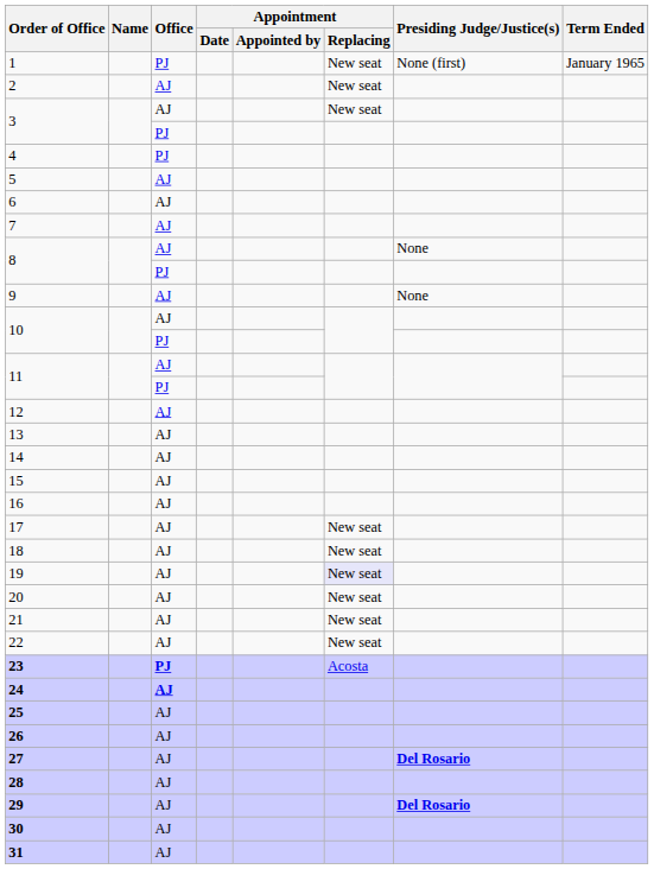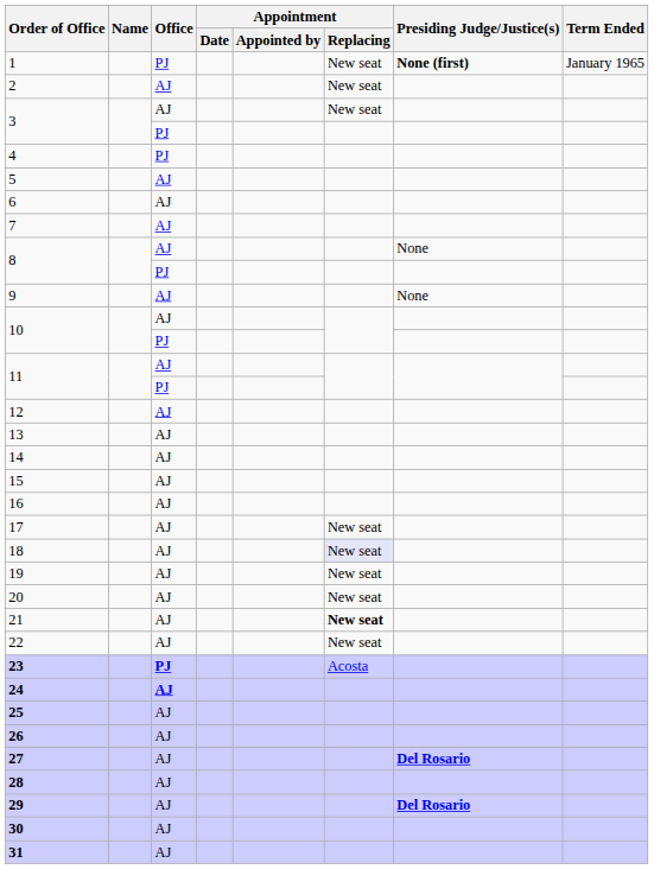 <table class="wikitable sortable">
 <tr>
 <th rowspan="2">Order of Office</th>
 <th rowspan="2">Name</th>
 <th rowspan="2">Office</th>
 <th colspan="3">Appointment</th>
 <th rowspan="2">Presiding Judge/Justice(s)</th>
 <th rowspan="2">Term Ended</th>
 </tr>
 <tr>
 <th>Date</th>
 <th>Appointed by</th>
 <th>Replacing</th>
 </tr>
 <tr>
 <td>1</td>
 <td></td>
 <td><a href='#'>PJ</a></td>
 <td></td>
 <td></td>
 <td>New seat</td>
-<td>None (first)</td>
+<td><strong>None (first)</strong></td>
 <td>January 1965</td>
 </tr>
 <tr>
 <td>2</td>
 <td></td>
 <td><a href='#'>AJ</a></td>
 <td></td>
 <td></td>
 <td>New seat</td>
 <td></td>
 <td></td>
 </tr>
 <tr>
 <td rowspan="2">3</td>
 <td rowspan="2"></td>
 <td>AJ</td>
 <td></td>
 <td></td>
 <td>New seat</td>
 <td></td>
 <td></td>
 </tr>
 <tr>
 <td><a href='#'>PJ</a></td>
 <td></td>
 <td></td>
 <td></td>
 <td></td>
 <td></td>
 </tr>
 <tr>
 <td>4</td>
 <td></td>
 <td><a href='#'>PJ</a></td>
 <td></td>
 <td></td>
 <td></td>
 <td></td>
 <td></td>
 </tr>
 <tr>
 <td>5</td>
 <td></td>
 <td><a href='#'>AJ</a></td>
 <td></td>
 <td></td>
 <td></td>
 <td></td>
 <td></td>
 </tr>
 <tr>
 <td>6</td>
 <td></td>
 <td>AJ</td>
 <td></td>
 <td></td>
 <td></td>
 <td></td>
 <td></td>
 </tr>
 <tr>
 <td>7</td>
 <td></td>
 <td><a href='#'>AJ</a></td>
 <td></td>
 <td></td>
 <td></td>
 <td></td>
 <td></td>
 </tr>
 <tr>
 <td rowspan="2">8</td>
 <td rowspan="2"></td>
 <td><a href='#'>AJ</a></td>
 <td></td>
 <td></td>
 <td></td>
 <td>None</td>
 <td></td>
 </tr>
 <tr>
 <td><a href='#'>PJ</a></td>
 <td></td>
 <td></td>
 <td></td>
 <td></td>
 <td></td>
 </tr>
 <tr>
 <td>9</td>
 <td></td>
 <td><a href='#'>AJ</a></td>
 <td></td>
 <td></td>
 <td></td>
 <td>None</td>
 <td></td>
 </tr>
 <tr>
 <td rowspan="2">10</td>
 <td rowspan="2"></td>
 <td>AJ</td>
 <td></td>
 <td></td>
 <td rowspan="2"></td>
 <td></td>
 <td></td>
 </tr>
 <tr>
 <td><a href='#'>PJ</a></td>
 <td></td>
 <td></td>
 <td></td>
 <td></td>
 </tr>
 <tr>
 <td rowspan="2">11</td>
 <td rowspan="2"></td>
 <td><a href='#'>AJ</a></td>
 <td></td>
 <td></td>
 <td rowspan="2"></td>
 <td rowspan="2"></td>
 <td></td>
 </tr>
 <tr>
 <td><a href='#'>PJ</a></td>
 <td></td>
 <td></td>
 <td></td>
 </tr>
 <tr>
 <td>12</td>
 <td></td>
 <td><a href='#'>AJ</a></td>
 <td></td>
 <td></td>
 <td></td>
 <td></td>
 <td></td>
 </tr>
 <tr>
 <td>13</td>
 <td></td>
 <td>AJ</td>
 <td></td>
 <td></td>
 <td></td>
 <td></td>
 <td></td>
 </tr>
 <tr>
 <td>14</td>
 <td></td>
 <td>AJ</td>
 <td></td>
 <td></td>
 <td></td>
 <td></td>
 <td></td>
 </tr>
 <tr>
 <td>15</td>
 <td></td>
 <td>AJ</td>
 <td></td>
 <td></td>
 <td></td>
 <td></td>
 <td></td>
 </tr>
 <tr>
 <td>16</td>
 <td></td>
 <td>AJ</td>
 <td></td>
 <td></td>
 <td></td>
 <td></td>
 <td></td>
 </tr>
 <tr>
 <td>17</td>
 <td></td>
 <td>AJ</td>
 <td></td>
 <td></td>
 <td>New seat</td>
 <td></td>
 <td></td>
 </tr>
 <tr>
 <td>18</td>
 <td></td>
 <td>AJ</td>
 <td></td>
 <td></td>
-<td>New seat</td>
+<td style="background: lavender;">New seat</td>
 <td></td>
 <td></td>
 </tr>
 <tr>
 <td>19</td>
 <td></td>
 <td>AJ</td>
 <td></td>
 <td></td>
-<td style="background: lavender;">New seat</td>
+<td>New seat</td>
 <td></td>
 <td></td>
 </tr>
 <tr>
 <td>20</td>
 <td></td>
 <td>AJ</td>
 <td></td>
 <td></td>
 <td>New seat</td>
 <td></td>
 <td></td>
 </tr>
 <tr>
 <td>21</td>
 <td></td>
 <td>AJ</td>
 <td></td>
 <td></td>
-<td>New seat</td>
+<td><strong>New seat</strong></td>
 <td></td>
 <td></td>
 </tr>
 <tr>
 <td>22</td>
 <td></td>
 <td>AJ</td>
 <td></td>
 <td></td>
 <td>New seat</td>
 <td></td>
 <td></td>
 </tr>
 <tr bgcolor="#ccf">
 <td><strong>23</strong></td>
 <td><strong></strong></td>
 <td><a href='#'><strong>PJ</strong></a></td>
 <td><strong></strong></td>
 <td></td>
 <td><a href='#'>Acosta</a></td>
 <td></td>
 <td></td>
 </tr>
 <tr bgcolor="#ccf">
 <td><strong>24</strong></td>
 <td><strong></strong></td>
 <td><a href='#'><strong>AJ</strong></a></td>
 <td><strong></strong></td>
 <td></td>
 <td></td>
 <td><strong></strong></td>
 <td></td>
 </tr>
 <tr bgcolor="#ccf" |>
 <td><strong>25</strong></td>
 <td><strong></strong></td>
 <td>AJ</td>
 <td><strong></strong></td>
 <td></td>
 <td></td>
 <td><strong> </strong></td>
 <td></td>
 </tr>
 <tr bgcolor="#ccf" |>
 <td><strong>26</strong></td>
 <td><strong></strong></td>
 <td>AJ</td>
 <td><strong></strong></td>
 <td></td>
 <td></td>
 <td><strong></strong></td>
 <td></td>
 </tr>
 <tr bgcolor="#ccf" |>
 <td><strong>27</strong></td>
 <td><strong></strong></td>
 <td>AJ</td>
 <td><strong></strong></td>
 <td></td>
 <td></td>
 <td><strong><a href='#'>Del Rosario</a></strong></td>
 <td></td>
 </tr>
 <tr bgcolor="#ccf" |>
 <td><strong>28</strong></td>
 <td><strong></strong></td>
 <td>AJ</td>
 <td><strong></strong></td>
 <td></td>
 <td></td>
 <td><strong></strong></td>
 <td></td>
 </tr>
 <tr bgcolor="#ccf" |>
 <td><strong>29</strong></td>
 <td><strong></strong></td>
 <td>AJ</td>
 <td><strong></strong></td>
 <td></td>
 <td></td>
 <td><strong><a href='#'>Del Rosario</a></strong></td>
 <td></td>
 </tr>
 <tr bgcolor="#ccf" |>
 <td><strong>30</strong></td>
 <td><strong></strong></td>
 <td>AJ</td>
 <td><strong></strong></td>
 <td></td>
 <td></td>
 <td><strong></strong></td>
 <td></td>
 </tr>
 <tr bgcolor="#ccf" |>
 <td><strong>31</strong></td>
 <td><strong></strong></td>
 <td>AJ</td>
 <td><strong></strong></td>
 <td></td>
 <td></td>
 <td><strong></strong></td>
 <td></td>
 </tr>
 </table>
